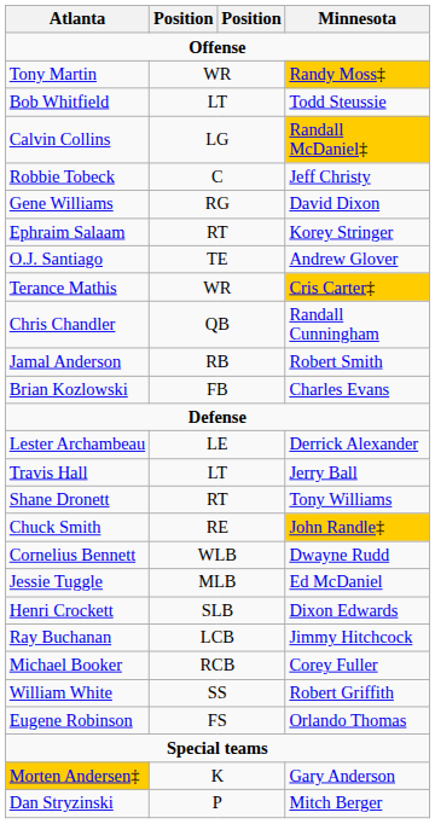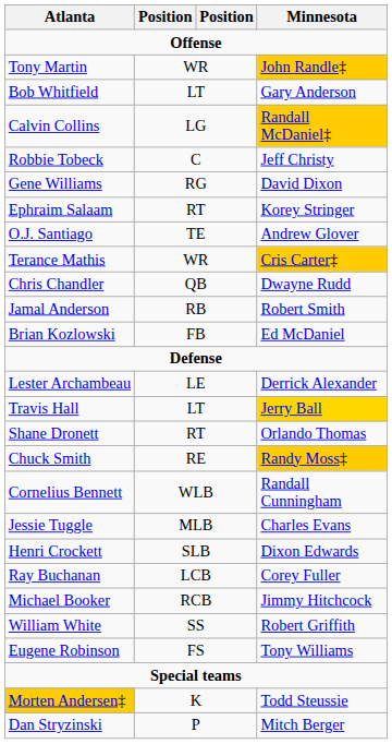 <table class="wikitable">
 <tr>
 <th width="125px">Atlanta</th>
 <th>Position</th>
 <th>Position</th>
 <th width="125px">Minnesota</th>
 </tr>
 <tr>
 <td colspan="4" style="text-align:center"><strong>Offense</strong></td>
 </tr>
 <tr>
 <td><a href='#'>Tony Martin</a></td>
 <td colspan="2" style="text-align:center">WR</td>
-<td bgcolor="#FFCC00"><a href='#'>Randy Moss</a>‡</td>
+<td bgcolor="#FFCC00"><a href='#'>John Randle</a>‡</td>
 </tr>
 <tr>
 <td><a href='#'>Bob Whitfield</a></td>
 <td colspan="2" style="text-align:center">LT</td>
-<td><a href='#'>Todd Steussie</a></td>
+<td><a href='#'>Gary Anderson</a></td>
 </tr>
 <tr>
 <td><a href='#'>Calvin Collins</a></td>
 <td colspan="2" style="text-align:center">LG</td>
 <td bgcolor="#FFCC00"><a href='#'>Randall McDaniel</a>‡</td>
 </tr>
 <tr>
 <td><a href='#'>Robbie Tobeck</a></td>
 <td colspan="2" style="text-align:center">C</td>
 <td><a href='#'>Jeff Christy</a></td>
 </tr>
 <tr>
 <td><a href='#'>Gene Williams</a></td>
 <td colspan="2" style="text-align:center">RG</td>
 <td><a href='#'>David Dixon</a></td>
 </tr>
 <tr>
 <td><a href='#'>Ephraim Salaam</a></td>
 <td colspan="2" style="text-align:center">RT</td>
 <td><a href='#'>Korey Stringer</a></td>
 </tr>
 <tr>
 <td><a href='#'>O.J. Santiago</a></td>
 <td colspan="2" style="text-align:center">TE</td>
 <td><a href='#'>Andrew Glover</a></td>
 </tr>
 <tr>
 <td><a href='#'>Terance Mathis</a></td>
 <td colspan="2" style="text-align:center">WR</td>
 <td bgcolor="#FFCC00"><a href='#'>Cris Carter</a>‡</td>
 </tr>
 <tr>
 <td><a href='#'>Chris Chandler</a></td>
 <td colspan="2" style="text-align:center">QB</td>
-<td><a href='#'>Randall Cunningham</a></td>
+<td><a href='#'>Dwayne Rudd</a></td>
 </tr>
 <tr>
 <td><a href='#'>Jamal Anderson</a></td>
 <td colspan="2" style="text-align:center">RB</td>
 <td><a href='#'>Robert Smith</a></td>
 </tr>
 <tr>
 <td><a href='#'>Brian Kozlowski</a></td>
 <td colspan="2" style="text-align:center">FB</td>
-<td><a href='#'>Charles Evans</a></td>
+<td><a href='#'>Ed McDaniel</a></td>
 </tr>
 <tr>
 <td colspan="4" style="text-align:center"><strong>Defense</strong></td>
 </tr>
 <tr>
 <td><a href='#'>Lester Archambeau</a></td>
 <td colspan="2" style="text-align:center">LE</td>
 <td><a href='#'>Derrick Alexander</a></td>
 </tr>
 <tr>
 <td><a href='#'>Travis Hall</a></td>
 <td colspan="2" style="text-align:center">LT</td>
-<td><a href='#'>Jerry Ball</a></td>
+<td style="background: gold;"><a href='#'>Jerry Ball</a></td>
 </tr>
 <tr>
 <td><a href='#'>Shane Dronett</a></td>
 <td colspan="2" style="text-align:center">RT</td>
-<td><a href='#'>Tony Williams</a></td>
+<td><a href='#'>Orlando Thomas</a></td>
 </tr>
 <tr>
 <td><a href='#'>Chuck Smith</a></td>
 <td colspan="2" style="text-align:center">RE</td>
-<td bgcolor="#FFCC00"><a href='#'>John Randle</a>‡</td>
+<td bgcolor="#FFCC00"><a href='#'>Randy Moss</a>‡</td>
 </tr>
 <tr>
 <td><a href='#'>Cornelius Bennett</a></td>
 <td colspan="2" style="text-align:center">WLB</td>
-<td><a href='#'>Dwayne Rudd</a></td>
+<td><a href='#'>Randall Cunningham</a></td>
 </tr>
 <tr>
 <td><a href='#'>Jessie Tuggle</a></td>
 <td colspan="2" style="text-align:center">MLB</td>
-<td><a href='#'>Ed McDaniel</a></td>
+<td><a href='#'>Charles Evans</a></td>
 </tr>
 <tr>
 <td><a href='#'>Henri Crockett</a></td>
 <td colspan="2" style="text-align:center">SLB</td>
 <td><a href='#'>Dixon Edwards</a></td>
 </tr>
 <tr>
 <td><a href='#'>Ray Buchanan</a></td>
 <td colspan="2" style="text-align:center">LCB</td>
-<td><a href='#'>Jimmy Hitchcock</a></td>
+<td><a href='#'>Corey Fuller</a></td>
 </tr>
 <tr>
 <td><a href='#'>Michael Booker</a></td>
 <td colspan="2" style="text-align:center">RCB</td>
-<td><a href='#'>Corey Fuller</a></td>
+<td><a href='#'>Jimmy Hitchcock</a></td>
 </tr>
 <tr>
 <td><a href='#'>William White</a></td>
 <td colspan="2" style="text-align:center">SS</td>
 <td><a href='#'>Robert Griffith</a></td>
 </tr>
 <tr>
 <td><a href='#'>Eugene Robinson</a></td>
 <td colspan="2" style="text-align:center">FS</td>
-<td><a href='#'>Orlando Thomas</a></td>
+<td><a href='#'>Tony Williams</a></td>
 </tr>
 <tr>
 <td colspan="4" style="text-align:center;"><strong>Special teams</strong></td>
 </tr>
 <tr>
 <td bgcolor="#FFCC00"><a href='#'>Morten Andersen</a>‡</td>
 <td colspan="2" style="text-align:center">K</td>
-<td><a href='#'>Gary Anderson</a></td>
+<td><a href='#'>Todd Steussie</a></td>
 </tr>
 <tr>
 <td><a href='#'>Dan Stryzinski</a></td>
 <td colspan="2" style="text-align:center">P</td>
 <td><a href='#'>Mitch Berger</a></td>
 </tr>
 </table>
